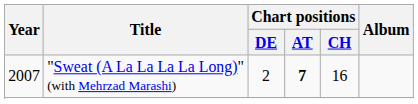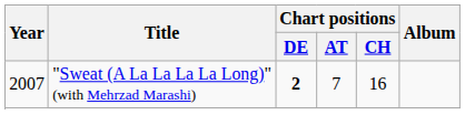 <table class="wikitable">
 <tr style="background-color:#efefef;">
 <th rowspan="2">Year</th>
 <th rowspan="2">Title</th>
 <th colspan="3">Chart positions</th>
 <th rowspan="2">Album</th>
 </tr>
 <tr style="background-color:#efefef;">
 <th><a href='#'>DE</a><br></th>
 <th><a href='#'>AT</a><br></th>
 <th><a href='#'>CH</a><br></th>
 </tr>
 <tr>
 <td rowspan=3>2007</td>
 <td>"<a href='#'>Sweat (A La La La La Long)</a>"<br><small>(with <a href='#'>Mehrzad Marashi</a>)</small></td>
-<td align="center">2</td>
-<td align="center"><strong>7</strong></td>
+<td align="center"><strong>2</strong></td>
+<td align="center">7</td>
 <td align="center">16</td>
 <td></td>
 </tr>
 <tr>
 </tr>
 </table>
